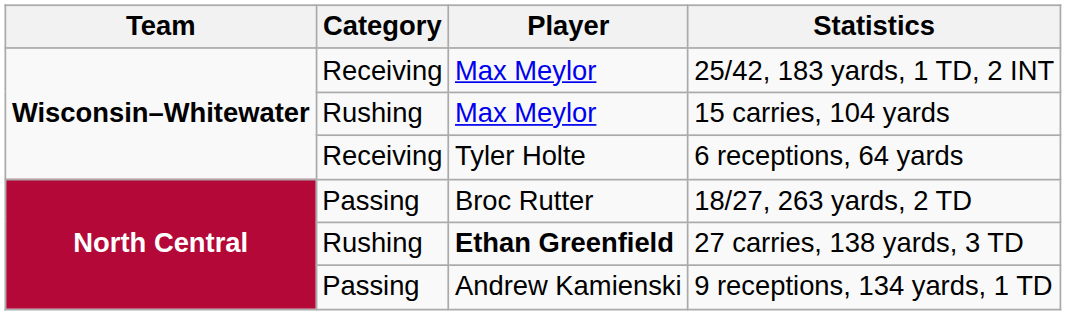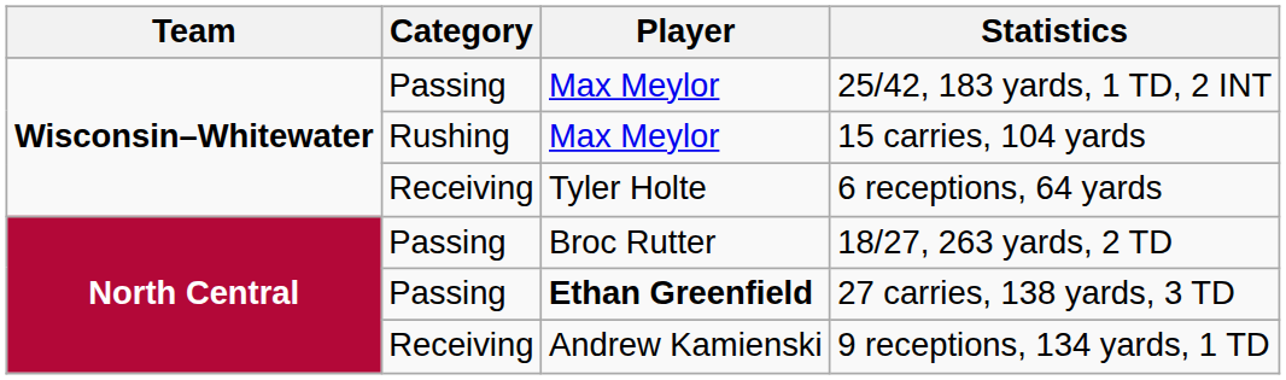 <table class="wikitable" style="float: right;">
 <tr>
 <th>Team</th>
 <th>Category</th>
 <th>Player</th>
 <th>Statistics</th>
 </tr>
 <tr>
 <td rowspan=3><strong>Wisconsin–Whitewater</strong></td>
-<td>Receiving</td>
+<td>Passing</td>
 <td><a href='#'>Max Meylor</a></td>
 <td>25/42, 183 yards, 1 TD, 2 INT</td>
 </tr>
 <tr>
 <td>Rushing</td>
 <td><a href='#'>Max Meylor</a></td>
 <td>15 carries, 104 yards</td>
 </tr>
 <tr>
 <td>Receiving</td>
 <td>Tyler Holte</td>
 <td>6 receptions, 64 yards</td>
 </tr>
 <tr>
 <td rowspan=3 style="background:#b30838; color:#ffffff; text-align:center;"><strong>North Central</strong></td>
 <td>Passing</td>
 <td>Broc Rutter</td>
 <td>18/27, 263 yards, 2 TD</td>
 </tr>
 <tr>
-<td>Rushing</td>
+<td>Passing</td>
 <td><strong>Ethan Greenfield</strong></td>
 <td>27 carries, 138 yards, 3 TD</td>
 </tr>
 <tr>
-<td>Passing</td>
+<td>Receiving</td>
 <td>Andrew Kamienski</td>
 <td>9 receptions, 134 yards, 1 TD</td>
 </tr>
 </table>
